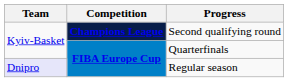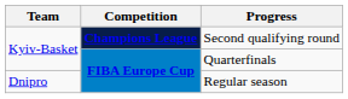 <table class="wikitable sortable">
 <tr>
 <th>Team</th>
 <th>Competition</th>
 <th>Progress</th>
 </tr>
 <tr>
 <td rowspan=2><a href='#'>Kyiv-Basket</a></td>
 <td style="background-color:#071D49;color:#D0D3D4;text-align:center"><strong><a href='#'><span>Champions League</span></a></strong></td>
 <td>Second qualifying round</td>
 </tr>
 <tr>
 <td rowspan="2" style="background-color:#0080c8;color:#D0D3D4;text-align:center"><strong><a href='#'><span>FIBA Europe Cup</span></a></strong></td>
 <td>Quarterfinals</td>
 </tr>
 <tr>
-<td style="background: lavender;"><a href='#'>Dnipro</a></td>
+<td><a href='#'>Dnipro</a></td>
 <td>Regular season</td>
 </tr>
 </table>
